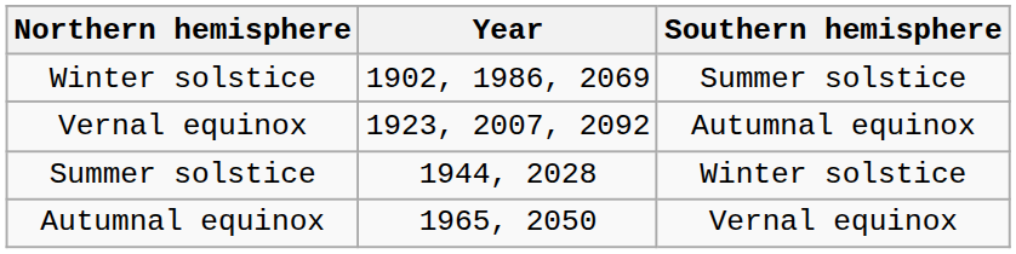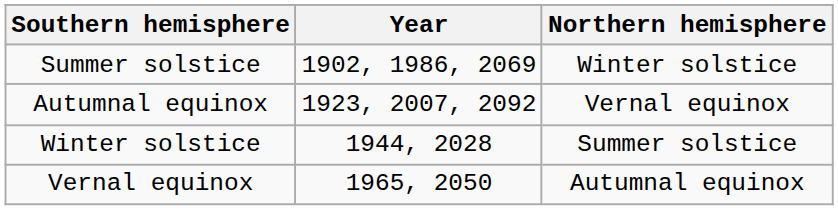 <table class="wikitable" style="text-align: center; margin-left: 20px;">
 <tr>
+<th>Southern hemisphere</th>
+<th>Year</th>
 <th>Northern hemisphere</th>
-<th>Year</th>
-<th>Southern hemisphere</th>
+</tr>
+<tr>
+<td>Summer solstice</td>
+<td>1902, 1986, 2069</td>
+<td>Winter solstice</td>
+</tr>
+<tr>
+<td>Autumnal equinox</td>
+<td>1923, 2007, 2092</td>
+<td>Vernal equinox</td>
 </tr>
 <tr>
 <td>Winter solstice</td>
-<td>1902, 1986, 2069</td>
+<td>1944, 2028</td>
 <td>Summer solstice</td>
 </tr>
 <tr>
 <td>Vernal equinox</td>
-<td>1923, 2007, 2092</td>
+<td>1965, 2050</td>
 <td>Autumnal equinox</td>
 </tr>
-<tr>
-<td>Summer solstice</td>
-<td>1944, 2028</td>
-<td>Winter solstice</td>
-</tr>
-<tr>
-<td>Autumnal equinox</td>
-<td>1965, 2050</td>
-<td>Vernal equinox</td>
-</tr>
 </table>
